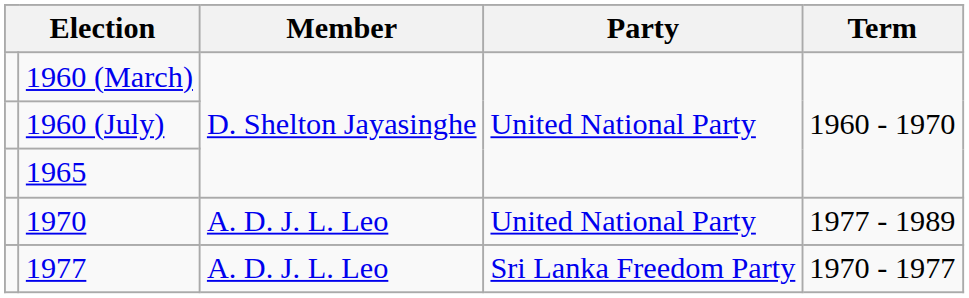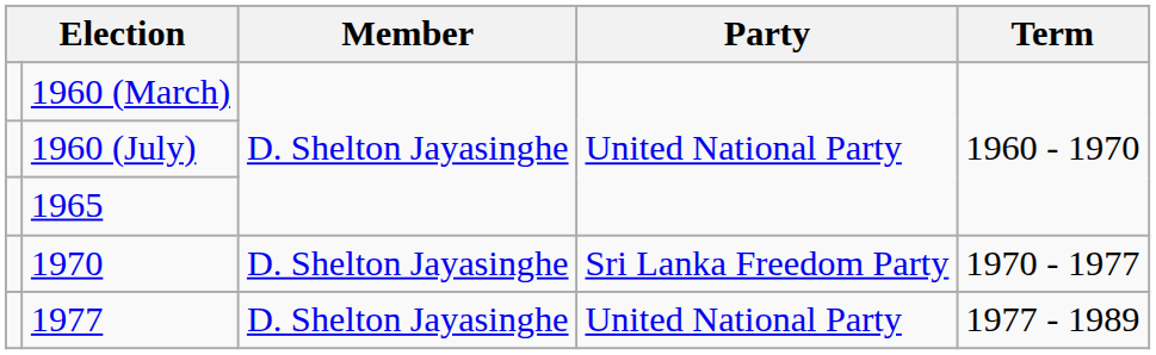 <table class="wikitable">
 <tr>
 <th colspan="2">Election</th>
 <th>Member</th>
 <th>Party</th>
 <th>Term</th>
 </tr>
 <tr>
 <td style="background-color: "></td>
 <td><a href='#'>1960 (March)</a></td>
 <td rowspan=3><a href='#'>D. Shelton Jayasinghe</a></td>
 <td rowspan=3><a href='#'>United National Party</a></td>
 <td rowspan=3>1960 - 1970</td>
 </tr>
 <tr>
 <td style="background-color: "></td>
 <td><a href='#'>1960 (July)</a></td>
 </tr>
 <tr>
 <td style="background-color: "></td>
 <td><a href='#'>1965</a></td>
 </tr>
 <tr>
 <td style="background-color: "></td>
 <td><a href='#'>1970</a></td>
-<td><a href='#'>A. D. J. L. Leo</a></td>
-<td><a href='#'>United National Party</a></td>
-<td>1977 - 1989</td>
+<td><a href='#'>D. Shelton Jayasinghe</a></td>
+<td><a href='#'>Sri Lanka Freedom Party</a></td>
+<td>1970 - 1977</td>
 </tr>
 <tr>
 <td style="background-color: "></td>
 <td><a href='#'>1977</a></td>
-<td><a href='#'>A. D. J. L. Leo</a></td>
-<td><a href='#'>Sri Lanka Freedom Party</a></td>
-<td>1970 - 1977</td>
+<td><a href='#'>D. Shelton Jayasinghe</a></td>
+<td><a href='#'>United National Party</a></td>
+<td>1977 - 1989</td>
 </tr>
 </table>
